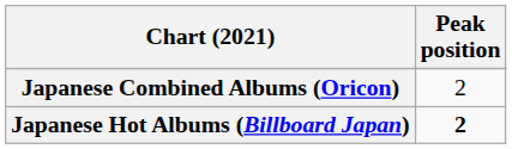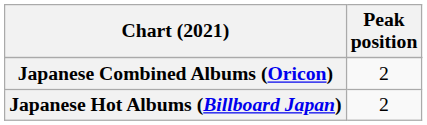 <table class="wikitable sortable plainrowheaders" style="text-align:center">
 <tr>
 <th scope="col">Chart (2021)</th>
 <th scope="col">Peak<br>position</th>
 </tr>
 <tr>
 </tr>
 <tr>
 <th scope="row">Japanese Combined Albums (<a href='#'>Oricon</a>)</th>
 <td>2</td>
 </tr>
 <tr>
 <th scope="row">Japanese Hot Albums (<em><a href='#'>Billboard Japan</a></em>)</th>
-<td><strong>2</strong></td>
+<td>2</td>
 </tr>
 </table>
